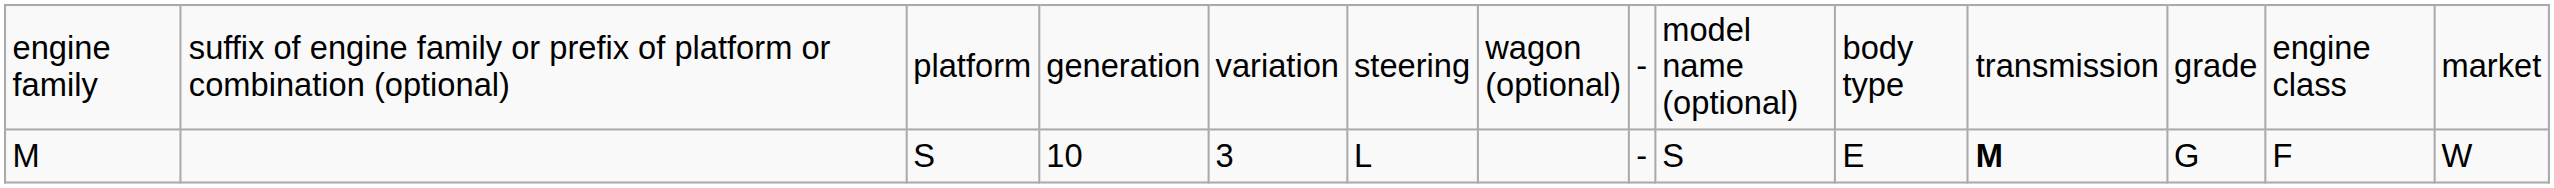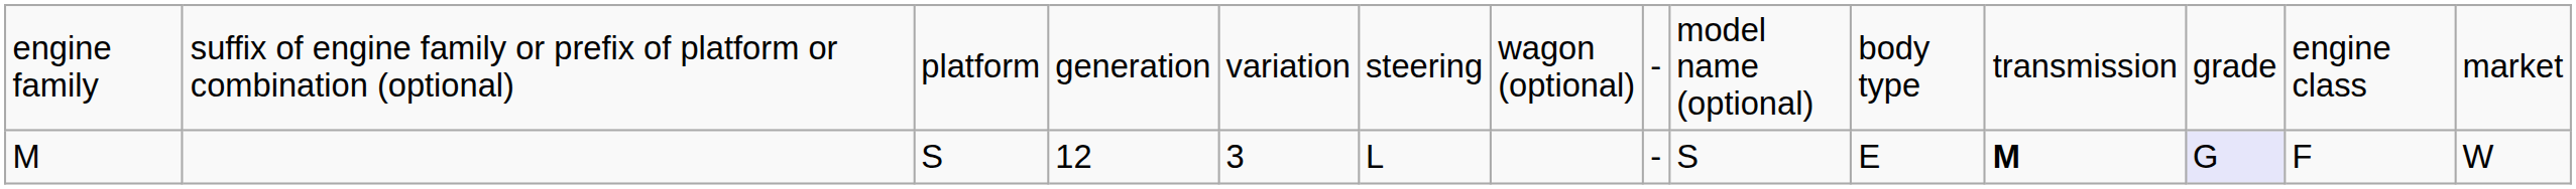 <table class="wikitable">
 <tr>
 <td>engine family</td>
 <td>suffix of engine family or prefix of platform or combination (optional)</td>
 <td>platform</td>
 <td>generation</td>
 <td>variation</td>
 <td>steering</td>
 <td>wagon<br>(optional)</td>
 <td>-</td>
 <td>model name<br>(optional)</td>
 <td>body type</td>
 <td>transmission</td>
 <td>grade</td>
 <td>engine class</td>
 <td>market</td>
 </tr>
 <tr>
 <td>M</td>
 <td></td>
 <td>S</td>
-<td>10</td>
+<td>12</td>
 <td>3</td>
 <td>L</td>
 <td></td>
 <td>-</td>
 <td>S</td>
 <td>E</td>
 <td><strong>M</strong></td>
-<td>G</td>
+<td style="background: lavender;">G</td>
 <td>F</td>
 <td>W</td>
 </tr>
 </table>
